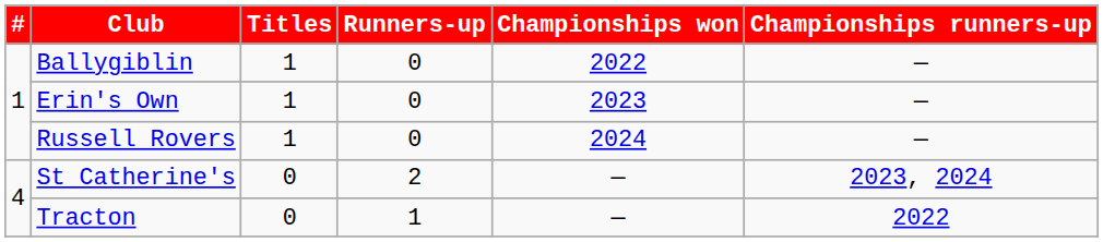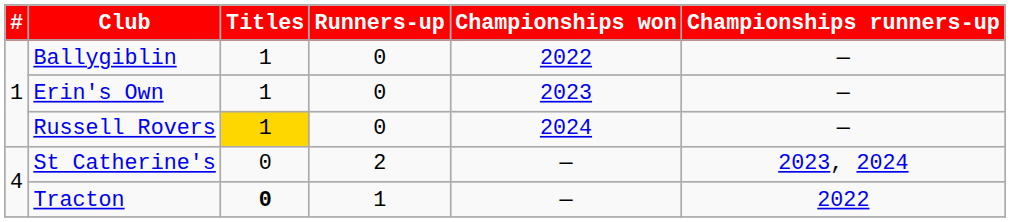 <table class="wikitable sortable" style="text-align:center">
 <tr>
 <th style="background:red;color:white">#</th>
 <th style="background:red;color:white">Club</th>
 <th style="background:red;color:white">Titles</th>
 <th style="background:red;color:white">Runners-up</th>
 <th style="background:red;color:white">Championships won</th>
 <th style="background:red;color:white">Championships runners-up</th>
 </tr>
 <tr>
 <td rowspan="3">1</td>
 <td style="text-align:left"> <a href='#'>Ballygiblin</a></td>
 <td>1</td>
 <td>0</td>
 <td><a href='#'>2022</a></td>
 <td>—</td>
 </tr>
 <tr>
 <td style="text-align:left"> <a href='#'>Erin's Own</a></td>
 <td>1</td>
 <td>0</td>
 <td><a href='#'>2023</a></td>
 <td>—</td>
 </tr>
 <tr>
 <td style="text-align:left"> <a href='#'>Russell Rovers</a></td>
-<td>1</td>
+<td style="background: gold;">1</td>
 <td>0</td>
 <td><a href='#'>2024</a></td>
 <td>—</td>
 </tr>
 <tr>
 <td rowspan="2">4</td>
 <td style="text-align:left"> <a href='#'>St Catherine's</a></td>
 <td>0</td>
 <td>2</td>
 <td>—</td>
 <td><a href='#'>2023</a>, <a href='#'>2024</a></td>
 </tr>
 <tr>
 <td style="text-align:left"> <a href='#'>Tracton</a></td>
-<td>0</td>
+<td><strong>0</strong></td>
 <td>1</td>
 <td>—</td>
 <td><a href='#'>2022</a></td>
 </tr>
 </table>
